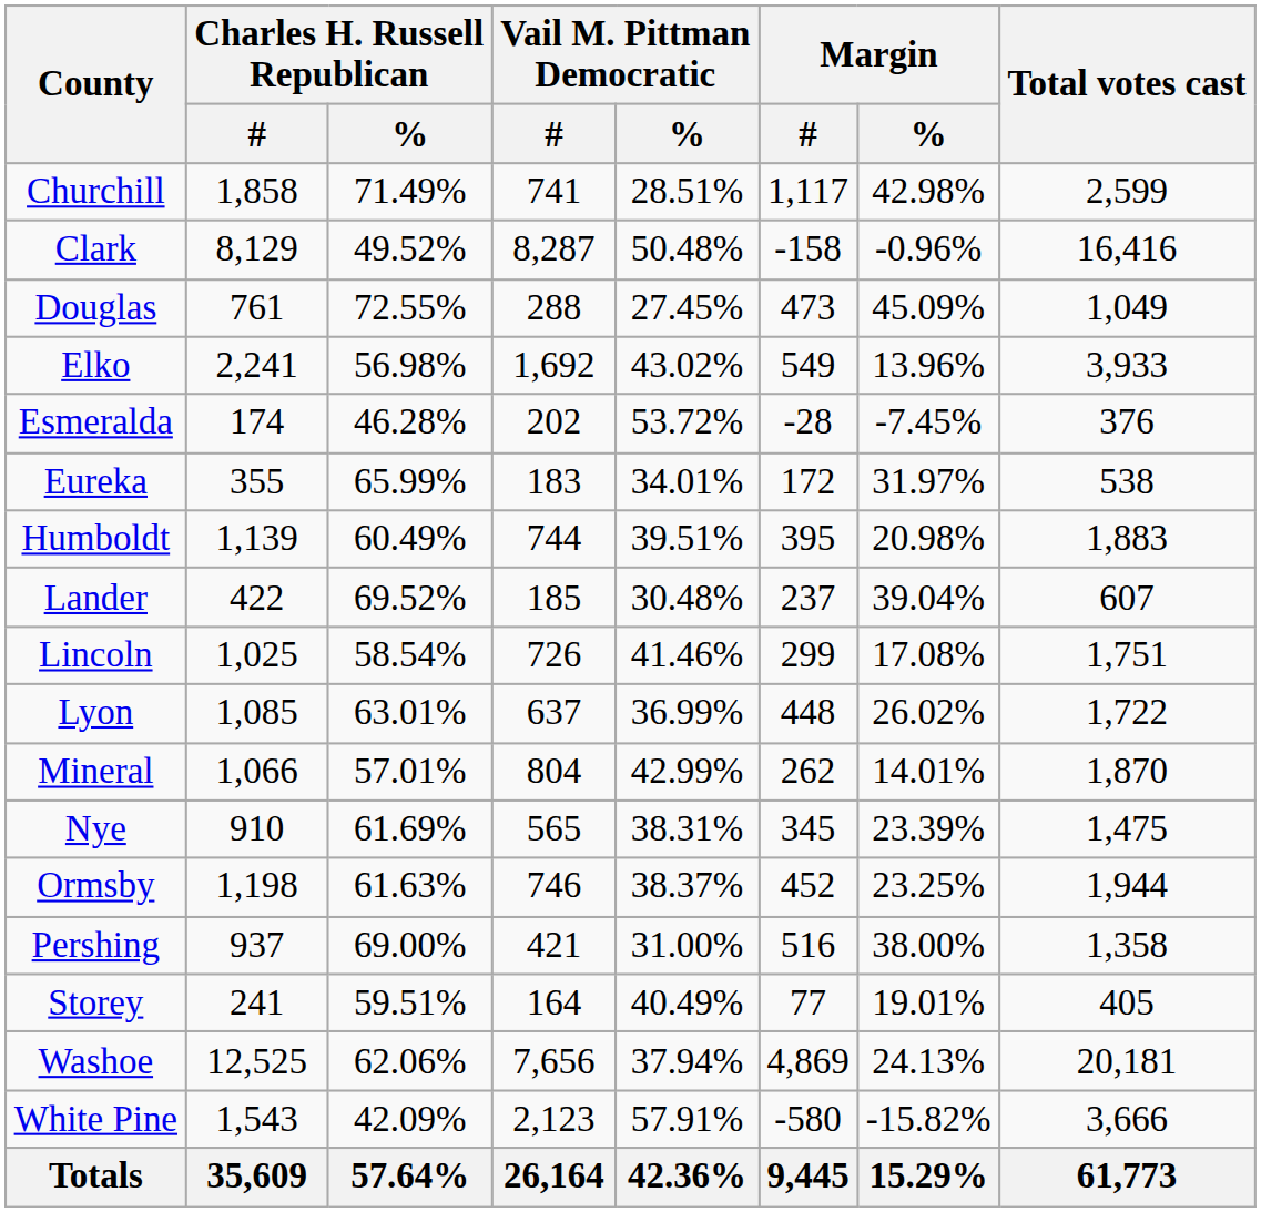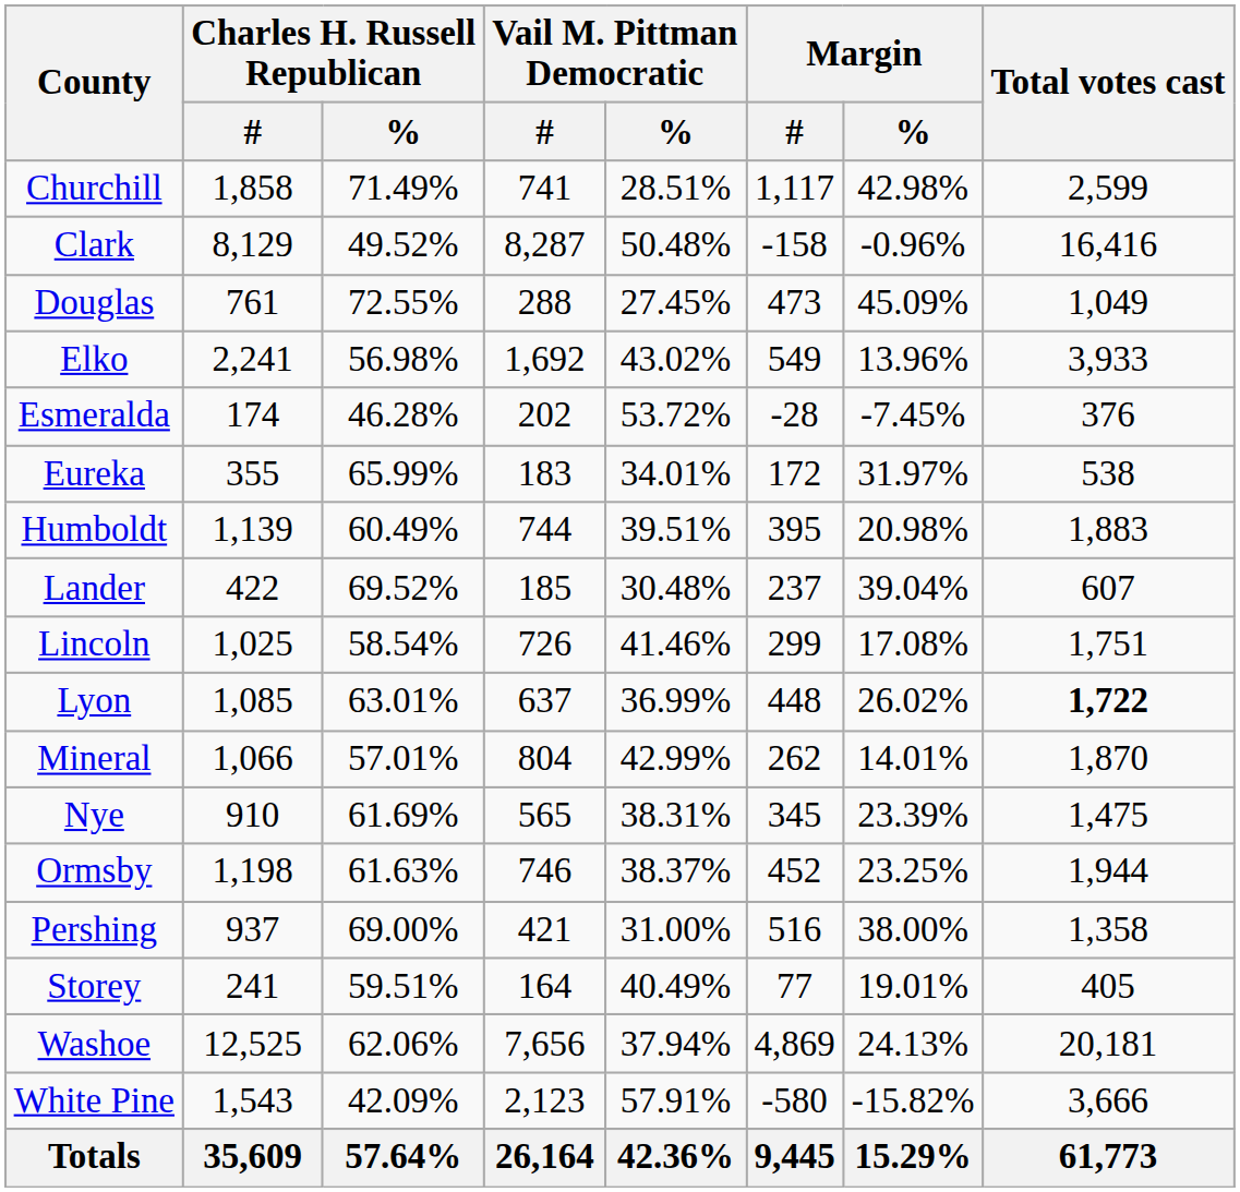 <table class="wikitable sortable" style="text-align:center">
 <tr>
 <th rowspan="2">County</th>
 <th style="text-align:center;" colspan="2">Charles H. Russell<br>Republican</th>
 <th style="text-align:center;" colspan="2">Vail M. Pittman<br>Democratic</th>
 <th style="text-align:center;" colspan="2">Margin</th>
 <th style="text-align:center;" rowspan="2">Total votes cast</th>
 </tr>
 <tr>
 <th style="text-align:center;" data-sort-type="number">#</th>
 <th style="text-align:center;" data-sort-type="number">%</th>
 <th style="text-align:center;" data-sort-type="number">#</th>
 <th style="text-align:center;" data-sort-type="number">%</th>
 <th style="text-align:center;" data-sort-type="number">#</th>
 <th style="text-align:center;" data-sort-type="number">%</th>
 </tr>
 <tr style="text-align:center;">
 <td><a href='#'>Churchill</a></td>
 <td>1,858</td>
 <td>71.49%</td>
 <td>741</td>
 <td>28.51%</td>
 <td>1,117</td>
 <td>42.98%</td>
 <td>2,599</td>
 </tr>
 <tr style="text-align:center;">
 <td><a href='#'>Clark</a></td>
 <td>8,129</td>
 <td>49.52%</td>
 <td>8,287</td>
 <td>50.48%</td>
 <td>-158</td>
 <td>-0.96%</td>
 <td>16,416</td>
 </tr>
 <tr style="text-align:center;">
 <td><a href='#'>Douglas</a></td>
 <td>761</td>
 <td>72.55%</td>
 <td>288</td>
 <td>27.45%</td>
 <td>473</td>
 <td>45.09%</td>
 <td>1,049</td>
 </tr>
 <tr style="text-align:center;">
 <td><a href='#'>Elko</a></td>
 <td>2,241</td>
 <td>56.98%</td>
 <td>1,692</td>
 <td>43.02%</td>
 <td>549</td>
 <td>13.96%</td>
 <td>3,933</td>
 </tr>
 <tr style="text-align:center;">
 <td><a href='#'>Esmeralda</a></td>
 <td>174</td>
 <td>46.28%</td>
 <td>202</td>
 <td>53.72%</td>
 <td>-28</td>
 <td>-7.45%</td>
 <td>376</td>
 </tr>
 <tr style="text-align:center;">
 <td><a href='#'>Eureka</a></td>
 <td>355</td>
 <td>65.99%</td>
 <td>183</td>
 <td>34.01%</td>
 <td>172</td>
 <td>31.97%</td>
 <td>538</td>
 </tr>
 <tr style="text-align:center;">
 <td><a href='#'>Humboldt</a></td>
 <td>1,139</td>
 <td>60.49%</td>
 <td>744</td>
 <td>39.51%</td>
 <td>395</td>
 <td>20.98%</td>
 <td>1,883</td>
 </tr>
 <tr style="text-align:center;">
 <td><a href='#'>Lander</a></td>
 <td>422</td>
 <td>69.52%</td>
 <td>185</td>
 <td>30.48%</td>
 <td>237</td>
 <td>39.04%</td>
 <td>607</td>
 </tr>
 <tr style="text-align:center;">
 <td><a href='#'>Lincoln</a></td>
 <td>1,025</td>
 <td>58.54%</td>
 <td>726</td>
 <td>41.46%</td>
 <td>299</td>
 <td>17.08%</td>
 <td>1,751</td>
 </tr>
 <tr style="text-align:center;">
 <td><a href='#'>Lyon</a></td>
 <td>1,085</td>
 <td>63.01%</td>
 <td>637</td>
 <td>36.99%</td>
 <td>448</td>
 <td>26.02%</td>
-<td>1,722</td>
+<td><strong>1,722</strong></td>
 </tr>
 <tr style="text-align:center;">
 <td><a href='#'>Mineral</a></td>
 <td>1,066</td>
 <td>57.01%</td>
 <td>804</td>
 <td>42.99%</td>
 <td>262</td>
 <td>14.01%</td>
 <td>1,870</td>
 </tr>
 <tr style="text-align:center;">
 <td><a href='#'>Nye</a></td>
 <td>910</td>
 <td>61.69%</td>
 <td>565</td>
 <td>38.31%</td>
 <td>345</td>
 <td>23.39%</td>
 <td>1,475</td>
 </tr>
 <tr style="text-align:center;">
 <td><a href='#'>Ormsby</a></td>
 <td>1,198</td>
 <td>61.63%</td>
 <td>746</td>
 <td>38.37%</td>
 <td>452</td>
 <td>23.25%</td>
 <td>1,944</td>
 </tr>
 <tr style="text-align:center;">
 <td><a href='#'>Pershing</a></td>
 <td>937</td>
 <td>69.00%</td>
 <td>421</td>
 <td>31.00%</td>
 <td>516</td>
 <td>38.00%</td>
 <td>1,358</td>
 </tr>
 <tr style="text-align:center;">
 <td><a href='#'>Storey</a></td>
 <td>241</td>
 <td>59.51%</td>
 <td>164</td>
 <td>40.49%</td>
 <td>77</td>
 <td>19.01%</td>
 <td>405</td>
 </tr>
 <tr style="text-align:center;">
 <td><a href='#'>Washoe</a></td>
 <td>12,525</td>
 <td>62.06%</td>
 <td>7,656</td>
 <td>37.94%</td>
 <td>4,869</td>
 <td>24.13%</td>
 <td>20,181</td>
 </tr>
 <tr style="text-align:center;">
 <td><a href='#'>White Pine</a></td>
 <td>1,543</td>
 <td>42.09%</td>
 <td>2,123</td>
 <td>57.91%</td>
 <td>-580</td>
 <td>-15.82%</td>
 <td>3,666</td>
 </tr>
 <tr style="text-align:center;">
 <th>Totals</th>
 <th>35,609</th>
 <th>57.64%</th>
 <th>26,164</th>
 <th>42.36%</th>
 <th>9,445</th>
 <th>15.29%</th>
 <th>61,773</th>
 </tr>
 </table>
